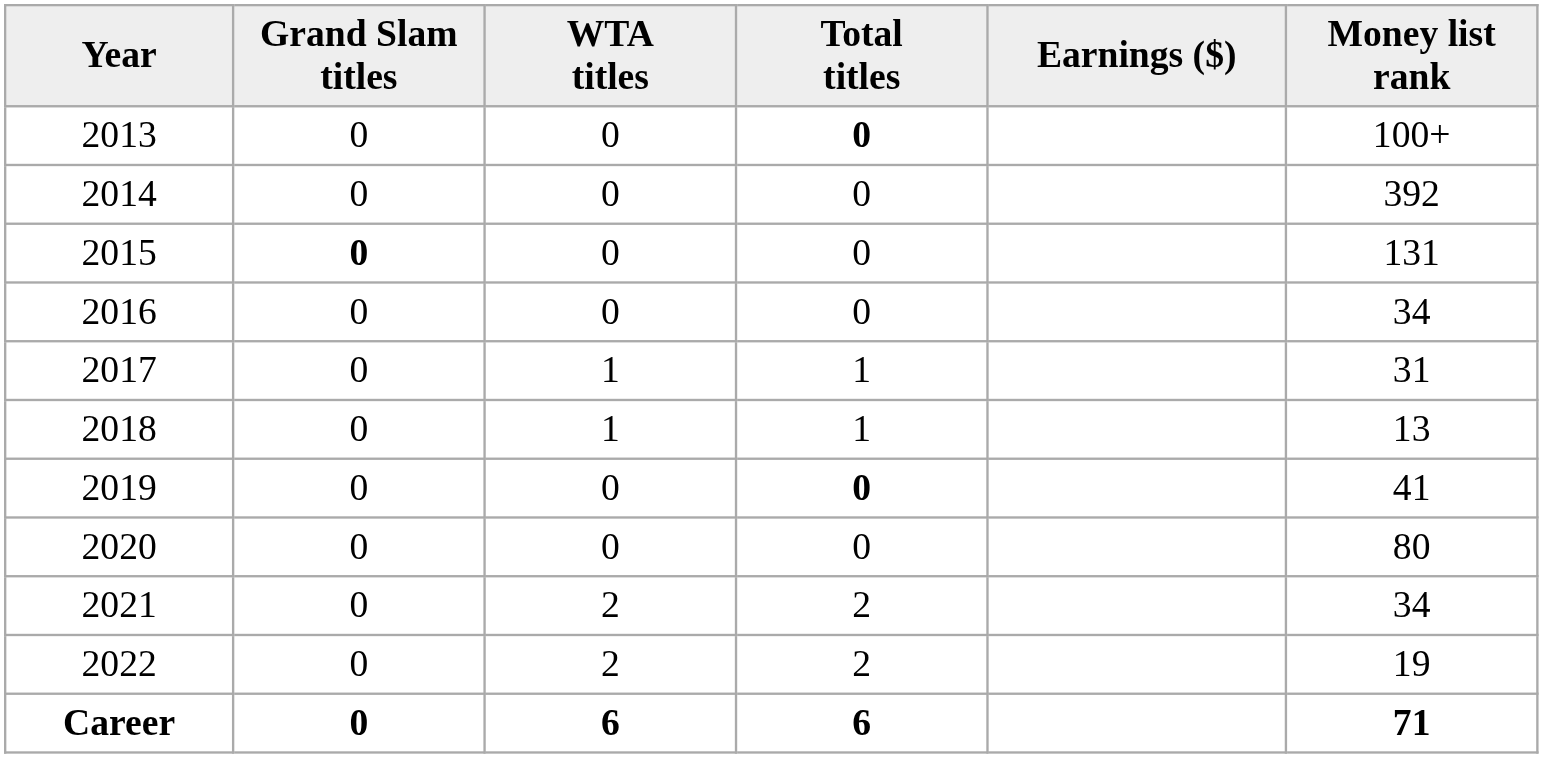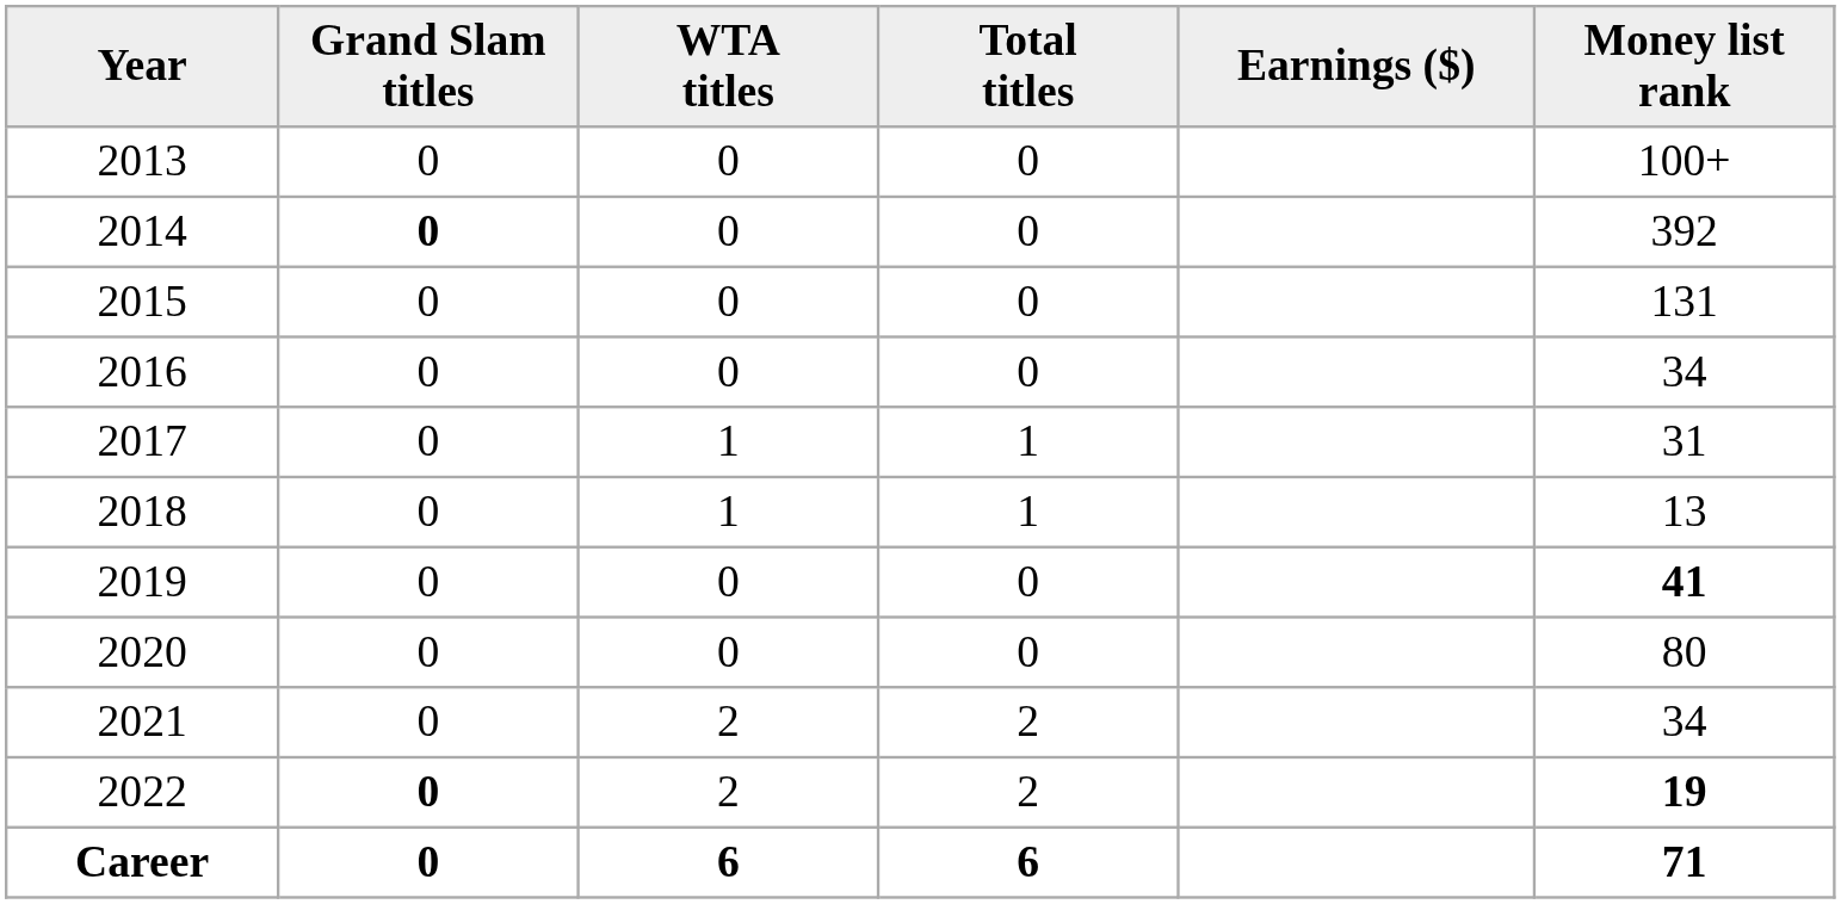 <table cellpadding=3 cellspacing=0 border=1 style=border:#aaa;solid:1px;border-collapse:collapse;text-align:center;>
 <tr style=background:#eee;font-weight:bold>
 <td width="90">Year</td>
 <td width="100">Grand Slam <br>titles</td>
 <td width="100">WTA <br>titles</td>
 <td width="100">Total <br>titles</td>
 <td width="120">Earnings ($)</td>
 <td width="100">Money list rank</td>
 </tr>
 <tr>
 <td>2013</td>
 <td>0</td>
 <td>0</td>
-<td><strong>0</strong></td>
+<td>0</td>
 <td align="right"></td>
 <td>100+</td>
 </tr>
 <tr>
 <td>2014</td>
-<td>0</td>
+<td><strong>0</strong></td>
 <td>0</td>
 <td>0</td>
 <td align="right"></td>
 <td>392</td>
 </tr>
 <tr>
 <td>2015</td>
-<td><strong>0</strong></td>
+<td>0</td>
 <td>0</td>
 <td>0</td>
 <td align="right"></td>
 <td>131</td>
 </tr>
 <tr>
 <td>2016</td>
 <td>0</td>
 <td>0</td>
 <td>0</td>
 <td align="right"></td>
 <td>34</td>
 </tr>
 <tr>
 <td>2017</td>
 <td>0</td>
 <td>1</td>
 <td>1</td>
 <td align="right"></td>
 <td>31</td>
 </tr>
 <tr>
 <td>2018</td>
 <td>0</td>
 <td>1</td>
 <td>1</td>
 <td align="right"></td>
 <td>13</td>
 </tr>
 <tr>
 <td>2019</td>
 <td>0</td>
 <td>0</td>
-<td><strong>0</strong></td>
+<td>0</td>
 <td align="right"></td>
-<td>41</td>
+<td><strong>41</strong></td>
 </tr>
 <tr>
 <td>2020</td>
 <td>0</td>
 <td>0</td>
 <td>0</td>
 <td align="right"></td>
 <td>80</td>
 </tr>
 <tr>
 <td>2021</td>
 <td>0</td>
 <td>2</td>
 <td>2</td>
 <td align="right"></td>
 <td>34</td>
 </tr>
 <tr>
 <td>2022</td>
-<td>0</td>
+<td><strong>0</strong></td>
 <td>2</td>
 <td>2</td>
 <td align="right"></td>
-<td>19</td>
+<td><strong>19</strong></td>
 </tr>
 <tr style="font-weight:bold;">
 <td>Career</td>
 <td>0</td>
 <td>6</td>
 <td>6</td>
 <td align="right"></td>
 <td>71</td>
 </tr>
 </table>
